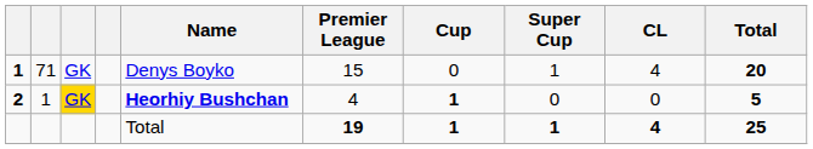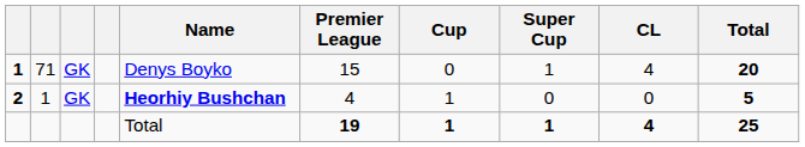 <table class="wikitable" style="text-align:center">
 <tr>
 <th width=15></th>
 <th width=15></th>
 <th width=15></th>
 <th width=15></th>
 <th width=150>Name</th>
 <th width=80>Premier League</th>
 <th width=80>Cup</th>
 <th width=80>Super Cup</th>
 <th width=80>CL</th>
 <th width=80>Total</th>
 </tr>
 <tr>
 <td><strong>1</strong></td>
 <td>71</td>
 <td><a href='#'>GK</a></td>
 <td></td>
 <td align=left><a href='#'>Denys Boyko</a></td>
 <td>15</td>
 <td>0</td>
 <td>1</td>
 <td>4</td>
 <td><strong>20</strong></td>
 </tr>
 <tr>
 <td><strong>2</strong></td>
 <td>1</td>
-<td style="background: gold;"><a href='#'>GK</a></td>
+<td><a href='#'>GK</a></td>
 <td></td>
 <td align=left><strong><a href='#'>Heorhiy Bushchan</a></strong></td>
 <td>4</td>
-<td><strong>1</strong></td>
+<td>1</td>
 <td>0</td>
 <td>0</td>
 <td><strong>5</strong></td>
 </tr>
 <tr>
 <td></td>
 <td></td>
 <td></td>
 <td></td>
 <td align=left>Total</td>
 <td><strong>19</strong></td>
 <td><strong>1</strong></td>
 <td><strong>1</strong></td>
 <td><strong>4</strong></td>
 <td><strong>25</strong></td>
 </tr>
 <tr>
 </tr>
 </table>
